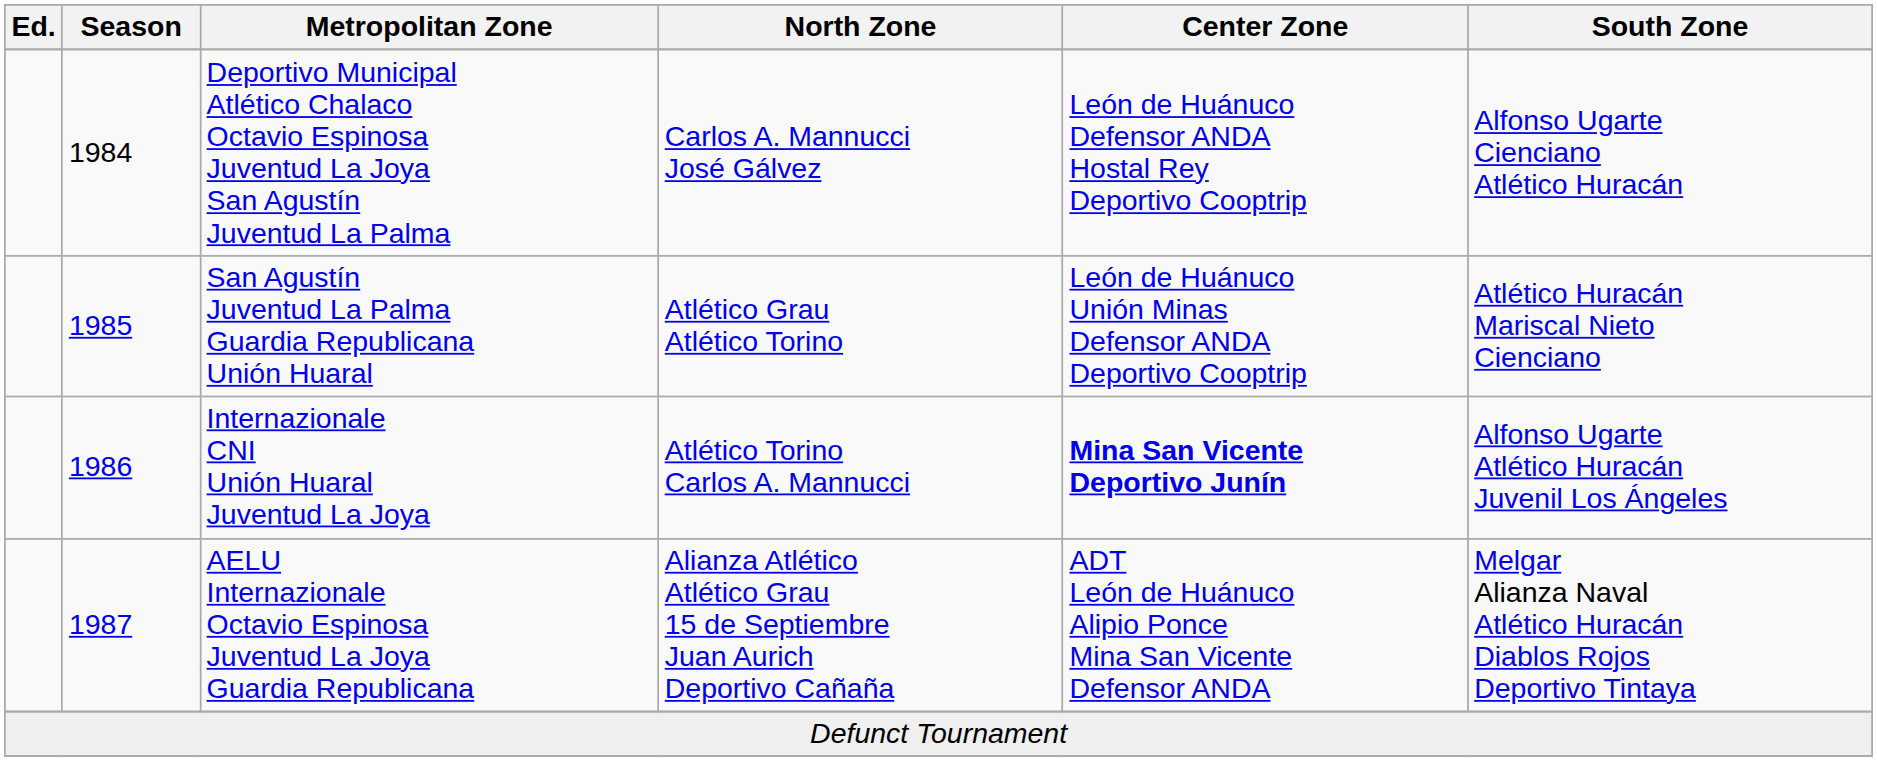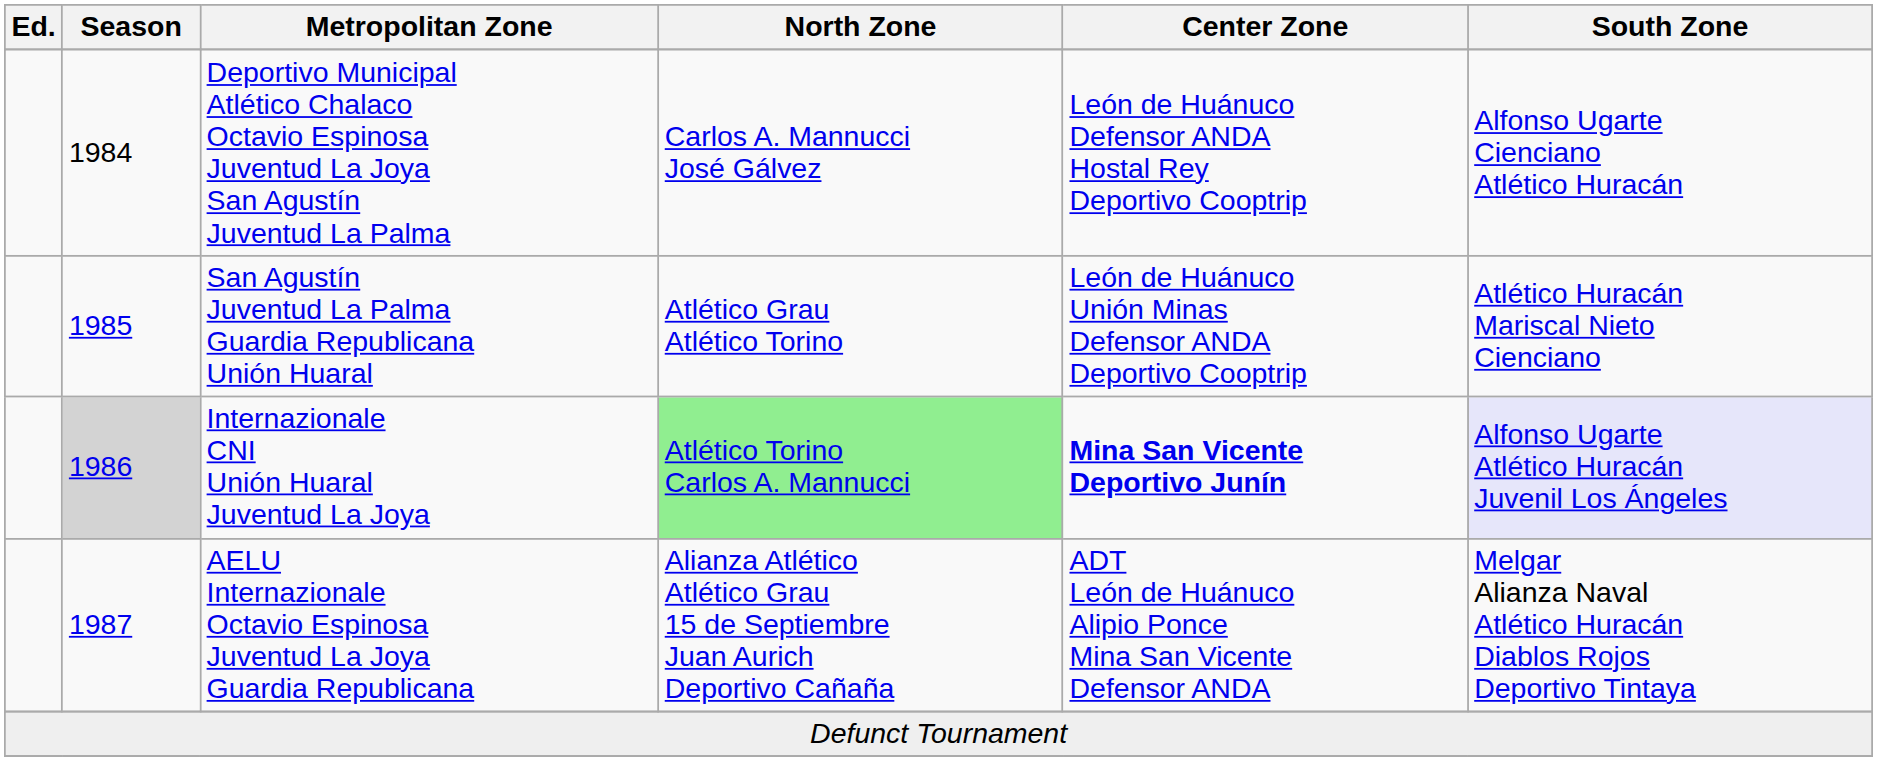 <table class="wikitable sortable">
 <tr>
 <th width=px>Ed.</th>
 <th width="70">Season</th>
 <th width="250">Metropolitan Zone</th>
 <th width="220">North Zone</th>
 <th width="220">Center Zone</th>
 <th width="220">South Zone</th>
 </tr>
 <tr>
 </tr>
 <tr>
 <td></td>
 <td>1984</td>
 <td><a href='#'>Deportivo Municipal</a><br> <a href='#'>Atlético Chalaco</a><br> <a href='#'>Octavio Espinosa</a><br> <a href='#'>Juventud La Joya</a><br> <a href='#'>San Agustín</a><br> <a href='#'>Juventud La Palma</a></td>
 <td><a href='#'>Carlos A. Mannucci</a><br><a href='#'>José Gálvez</a></td>
 <td><a href='#'>León de Huánuco</a><br><a href='#'>Defensor ANDA</a><br> <a href='#'>Hostal Rey</a><br> <a href='#'>Deportivo Cooptrip</a></td>
 <td><a href='#'>Alfonso Ugarte</a><br><a href='#'>Cienciano</a><br><a href='#'>Atlético Huracán</a></td>
 </tr>
 <tr>
 <td></td>
 <td><a href='#'>1985</a></td>
 <td><a href='#'>San Agustín</a><br><a href='#'>Juventud La Palma</a>  <br> <a href='#'>Guardia Republicana</a> <br> <a href='#'>Unión Huaral</a></td>
 <td><a href='#'>Atlético Grau</a>  <br> <a href='#'>Atlético Torino</a></td>
 <td><a href='#'>León de Huánuco</a>  <br> <a href='#'>Unión Minas</a>  <br> <a href='#'>Defensor ANDA</a> <br> <a href='#'>Deportivo Cooptrip</a></td>
 <td><a href='#'>Atlético Huracán</a><br><a href='#'>Mariscal Nieto</a> <br>   <a href='#'>Cienciano</a></td>
 </tr>
 <tr>
 <td></td>
-<td><a href='#'>1986</a></td>
+<td style="background: lightgrey;"><a href='#'>1986</a></td>
 <td><a href='#'>Internazionale</a> <br>  <a href='#'>CNI</a> <br> <a href='#'>Unión Huaral</a> <br> <a href='#'>Juventud La Joya</a></td>
-<td><a href='#'>Atlético Torino</a><br><a href='#'>Carlos A. Mannucci</a></td>
+<td style="background: lightgreen;"><a href='#'>Atlético Torino</a><br><a href='#'>Carlos A. Mannucci</a></td>
 <td><strong><a href='#'>Mina San Vicente</a> <br> <a href='#'>Deportivo Junín</a></strong></td>
-<td><a href='#'>Alfonso Ugarte</a><br><a href='#'>Atlético Huracán</a><br><a href='#'>Juvenil Los Ángeles</a></td>
+<td style="background: lavender;"><a href='#'>Alfonso Ugarte</a><br><a href='#'>Atlético Huracán</a><br><a href='#'>Juvenil Los Ángeles</a></td>
 </tr>
 <tr>
 <td></td>
 <td><a href='#'>1987</a></td>
 <td><a href='#'>AELU</a> <br>  <a href='#'>Internazionale</a> <br> <a href='#'>Octavio Espinosa</a><br>  <a href='#'>Juventud La Joya</a> <br>  <a href='#'>Guardia Republicana</a></td>
 <td><a href='#'>Alianza Atlético</a> <br> <a href='#'>Atlético Grau</a> <br><a href='#'>15 de Septiembre</a>  <br> <a href='#'>Juan Aurich</a>   <br><a href='#'>Deportivo Cañaña</a></td>
 <td><a href='#'>ADT</a> <br> <a href='#'>León de Huánuco</a>  <br> <a href='#'>Alipio Ponce</a><br><a href='#'>Mina San Vicente</a>  <br> <a href='#'>Defensor ANDA</a></td>
 <td><a href='#'>Melgar</a><br>Alianza Naval<br><a href='#'>Atlético Huracán</a><br><a href='#'>Diablos Rojos</a><br><a href='#'>Deportivo Tintaya</a></td>
 </tr>
 <tr>
 </tr>
 <tr bgcolor=#efefef>
 <td colspan="6" style="text-align:center;"><em>Defunct Tournament</em></td>
 </tr>
 <tr>
 </tr>
 </table>
